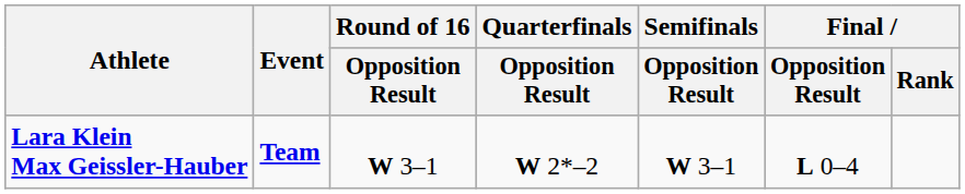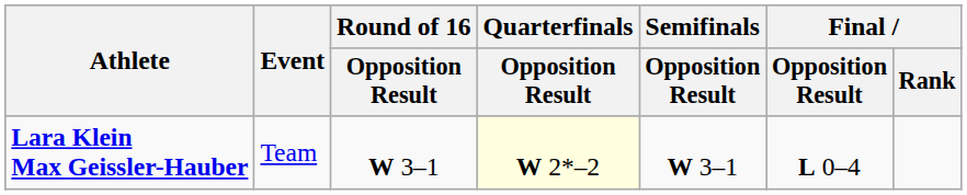 <table class="wikitable" style="font-size:90%">
 <tr>
 <th rowspan="2">Athlete</th>
 <th rowspan="2">Event</th>
 <th>Round of 16</th>
 <th>Quarterfinals</th>
 <th>Semifinals</th>
 <th colspan=2>Final / </th>
 </tr>
 <tr style="font-size:95%">
 <th>Opposition<br>Result</th>
 <th>Opposition<br>Result</th>
 <th>Opposition<br>Result</th>
 <th>Opposition<br>Result</th>
 <th>Rank</th>
 </tr>
 <tr align=center>
 <td align=left><strong><a href='#'>Lara Klein</a><br><a href='#'>Max Geissler-Hauber</a></strong></td>
-<td align=left><strong><a href='#'>Team</a></strong></td>
+<td align=left><a href='#'>Team</a></td>
 <td><br><strong>W</strong> 3–1</td>
-<td><br><strong>W</strong> 2*–2</td>
+<td style="background: lightyellow;"><br><strong>W</strong> 2*–2</td>
 <td><br><strong>W</strong> 3–1</td>
 <td><br><strong>L</strong> 0–4</td>
 <td></td>
 </tr>
 </table>
